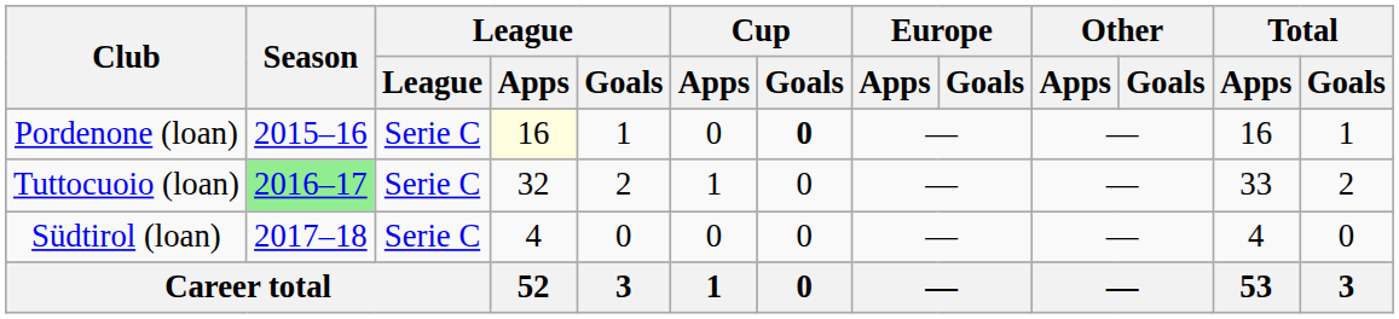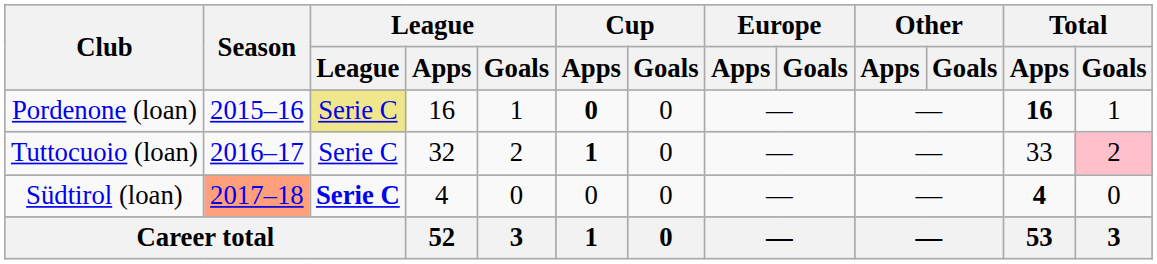 <table class="wikitable" style="text-align: center;">
 <tr>
 <th rowspan="2">Club</th>
 <th rowspan="2">Season</th>
 <th colspan="3">League</th>
 <th colspan="2">Cup</th>
 <th colspan="2">Europe</th>
 <th colspan="2">Other</th>
 <th colspan="2">Total</th>
 </tr>
 <tr>
 <th>League</th>
 <th>Apps</th>
 <th>Goals</th>
 <th>Apps</th>
 <th>Goals</th>
 <th>Apps</th>
 <th>Goals</th>
 <th>Apps</th>
 <th>Goals</th>
 <th>Apps</th>
 <th>Goals</th>
 </tr>
 <tr>
 <td><a href='#'>Pordenone</a> (loan)</td>
 <td><a href='#'>2015–16</a></td>
-<td><a href='#'>Serie C</a></td>
-<td style="background: lightyellow;">16</td>
+<td style="background: khaki;"><a href='#'>Serie C</a></td>
+<td>16</td>
 <td>1</td>
+<td><strong>0</strong></td>
 <td>0</td>
-<td><strong>0</strong></td>
 <td colspan="2">—</td>
 <td colspan="2">—</td>
-<td>16</td>
+<td><strong>16</strong></td>
 <td>1</td>
 </tr>
 <tr>
 <td><a href='#'>Tuttocuoio</a> (loan)</td>
-<td style="background: lightgreen;"><a href='#'>2016–17</a></td>
+<td><a href='#'>2016–17</a></td>
 <td><a href='#'>Serie C</a></td>
 <td>32</td>
 <td>2</td>
-<td>1</td>
+<td><strong>1</strong></td>
 <td>0</td>
 <td colspan="2">—</td>
 <td colspan="2">—</td>
 <td>33</td>
-<td>2</td>
+<td style="background: pink;">2</td>
 </tr>
 <tr>
 <td><a href='#'>Südtirol</a> (loan)</td>
-<td><a href='#'>2017–18</a></td>
-<td><a href='#'>Serie C</a></td>
+<td style="background: lightsalmon;"><a href='#'>2017–18</a></td>
+<td><strong><a href='#'>Serie C</a></strong></td>
 <td>4</td>
 <td>0</td>
 <td>0</td>
 <td>0</td>
 <td colspan="2">—</td>
 <td colspan="2">—</td>
-<td>4</td>
+<td><strong>4</strong></td>
 <td>0</td>
 </tr>
 <tr>
 <th colspan="3">Career total</th>
 <th>52</th>
 <th>3</th>
 <th>1</th>
 <th>0</th>
 <th colspan="2">—</th>
 <th colspan="2">—</th>
 <th>53</th>
 <th>3</th>
 </tr>
 </table>
